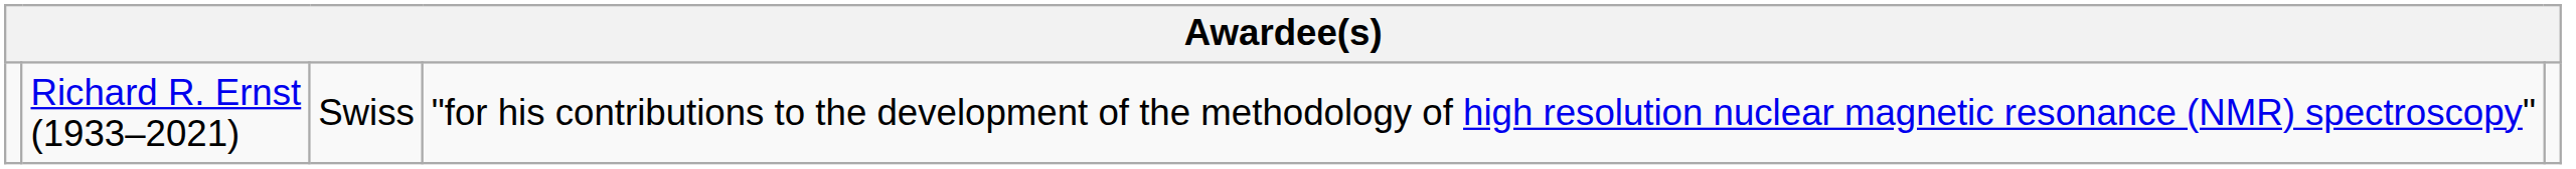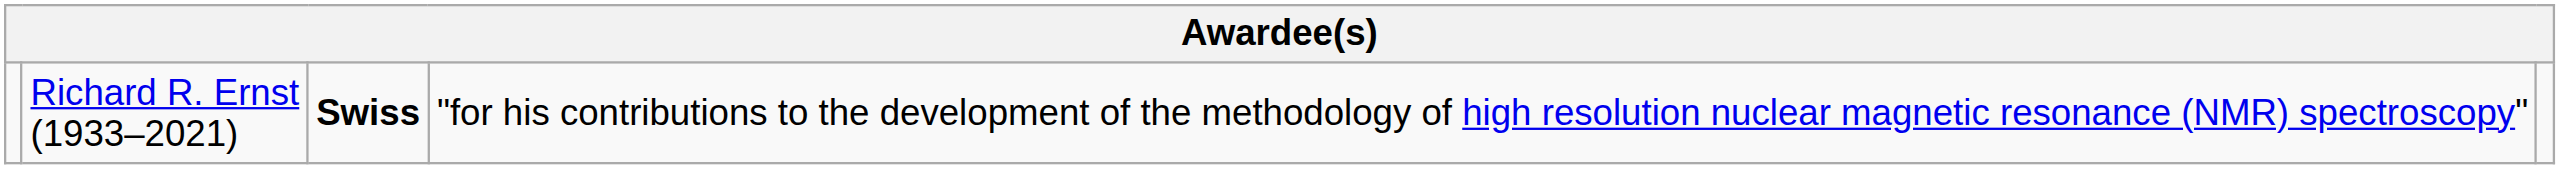 <table class="wikitable">
 <tr>
 <th colspan="5">Awardee(s)</th>
 </tr>
 <tr>
 <td></td>
 <td><a href='#'>Richard R. Ernst</a><br>(1933–2021)</td>
-<td> Swiss</td>
+<td><strong> Swiss</strong></td>
 <td>"for his contributions to the development of the methodology of <a href='#'>high resolution nuclear magnetic resonance (NMR) spectroscopy</a>"</td>
 <td></td>
 </tr>
 </table>
